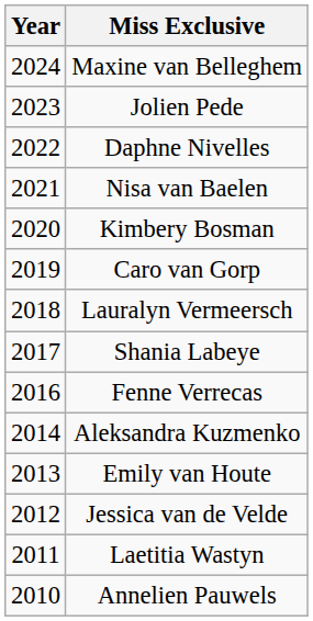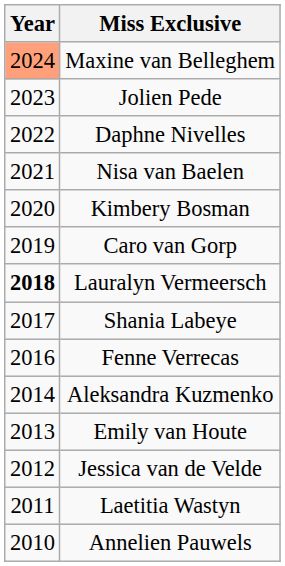 <table class="wikitable " style="font-size: 95%; text-align:center;">
 <tr>
 <th>Year</th>
 <th>Miss Exclusive</th>
 </tr>
 <tr>
-<td>2024</td>
+<td style="background: lightsalmon;">2024</td>
 <td>Maxine van Belleghem</td>
 </tr>
 <tr>
 <td>2023</td>
 <td>Jolien Pede</td>
 </tr>
 <tr>
 <td>2022</td>
 <td>Daphne Nivelles</td>
 </tr>
 <tr>
 <td>2021</td>
 <td>Nisa van Baelen</td>
 </tr>
 <tr>
 <td>2020</td>
 <td>Kimbery Bosman</td>
 </tr>
 <tr>
 <td>2019</td>
 <td>Caro van Gorp</td>
 </tr>
 <tr>
-<td>2018</td>
+<td><strong>2018</strong></td>
 <td>Lauralyn Vermeersch</td>
 </tr>
 <tr>
 <td>2017</td>
 <td>Shania Labeye</td>
 </tr>
 <tr>
 <td>2016</td>
 <td>Fenne Verrecas</td>
 </tr>
 <tr>
 <td>2014</td>
 <td>Aleksandra Kuzmenko</td>
 </tr>
 <tr>
 <td>2013</td>
 <td>Emily van Houte</td>
 </tr>
 <tr>
 <td>2012</td>
 <td>Jessica van de Velde</td>
 </tr>
 <tr>
 <td>2011</td>
 <td>Laetitia Wastyn</td>
 </tr>
 <tr>
 <td>2010</td>
 <td>Annelien Pauwels</td>
 </tr>
 </table>
